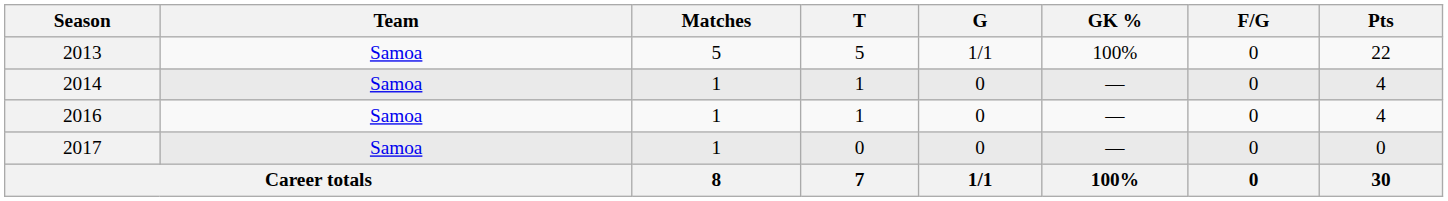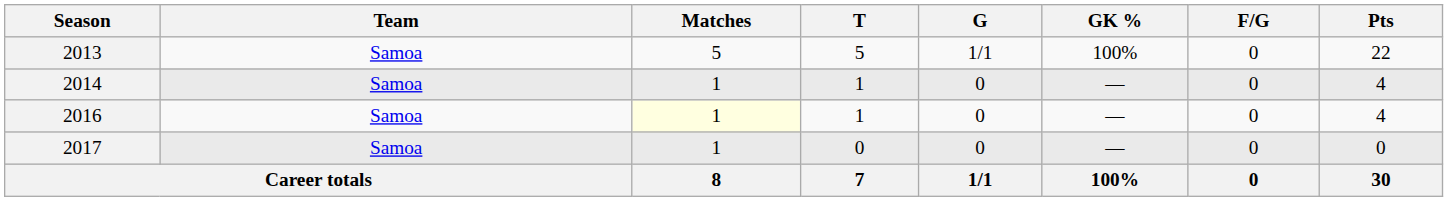 <table class="wikitable sortable"  style="font-size:90%; text-align:center; width:85%;">
 <tr>
 <th width=2%>Season</th>
 <th width=8%>Team</th>
 <th width=2%>Matches</th>
 <th width=2%>T</th>
 <th width=2%>G</th>
 <th width=2%>GK %</th>
 <th width=2%>F/G</th>
 <th width=2%>Pts</th>
 </tr>
 <tr>
 <th scope="row" style="text-align:center; font-weight:normal">2013</th>
 <td style="text-align:center;"> <a href='#'>Samoa</a></td>
 <td>5</td>
 <td>5</td>
 <td>1/1</td>
 <td>100%</td>
 <td>0</td>
 <td>22</td>
 </tr>
 <tr style="background:#eaeaea;">
 <th scope="row" style="text-align:center; font-weight:normal">2014</th>
 <td style="text-align:center;"> <a href='#'>Samoa</a></td>
 <td>1</td>
 <td>1</td>
 <td>0</td>
 <td>—</td>
 <td>0</td>
 <td>4</td>
 </tr>
 <tr>
 <th scope="row" style="text-align:center; font-weight:normal">2016</th>
 <td style="text-align:center;"> <a href='#'>Samoa</a></td>
-<td>1</td>
+<td style="background: lightyellow;">1</td>
 <td>1</td>
 <td>0</td>
 <td>—</td>
 <td>0</td>
 <td>4</td>
 </tr>
 <tr style="background:#eaeaea;">
 <th scope="row" style="text-align:center; font-weight:normal">2017</th>
 <td style="text-align:center;"> <a href='#'>Samoa</a></td>
 <td>1</td>
 <td>0</td>
 <td>0</td>
 <td>—</td>
 <td>0</td>
 <td>0</td>
 </tr>
 <tr class="sortbottom">
 <th colspan=2>Career totals</th>
 <th>8</th>
 <th>7</th>
 <th>1/1</th>
 <th>100%</th>
 <th>0</th>
 <th>30</th>
 </tr>
 </table>
